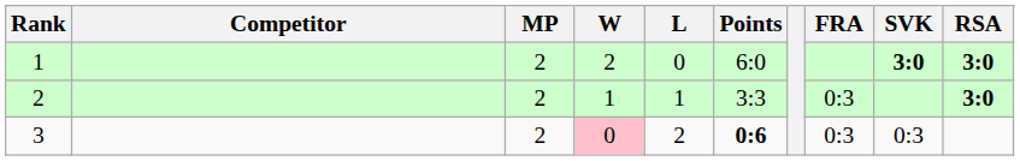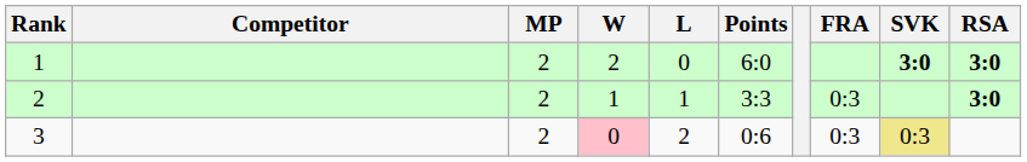 <table class="wikitable" style="text-align:center">
 <tr>
 <th>Rank</th>
 <th style="width:18em">Competitor</th>
 <th style="width:2.5em">MP</th>
 <th style="width:2.5em">W</th>
 <th style="width:2.5em">L</th>
 <th>Points</th>
 <th rowspan="4"> </th>
 <th style="width:2.5em">FRA</th>
 <th style="width:2.5em">SVK</th>
 <th style="width:2.5em">RSA</th>
 </tr>
 <tr style="background:#cfc;">
 <td>1</td>
 <td style="text-align:left"></td>
 <td>2</td>
 <td>2</td>
 <td>0</td>
 <td>6:0</td>
 <td></td>
 <td><strong>3:0</strong></td>
 <td><strong>3:0</strong></td>
 </tr>
 <tr style="background:#cfc;">
 <td>2</td>
 <td style="text-align:left"></td>
 <td>2</td>
 <td>1</td>
 <td>1</td>
 <td>3:3</td>
 <td>0:3</td>
 <td></td>
 <td><strong>3:0</strong></td>
 </tr>
 <tr>
 <td>3</td>
 <td style="text-align:left"></td>
 <td>2</td>
 <td style="background: pink;">0</td>
 <td>2</td>
-<td><strong>0:6</strong></td>
+<td>0:6</td>
 <td>0:3</td>
-<td>0:3</td>
+<td style="background: khaki;">0:3</td>
 <td></td>
 </tr>
 </table>
